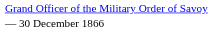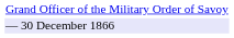 <table>
 <tr>
 <td rowspan=2 style="width:60px; vertical-align:top;"></td>
 <td><a href='#'>Grand Officer of the Military Order of Savoy</a></td>
 </tr>
 <tr>
-<td>— 30 December 1866</td>
+<td style="background: lavender;">— 30 December 1866</td>
 </tr>
 </table>
